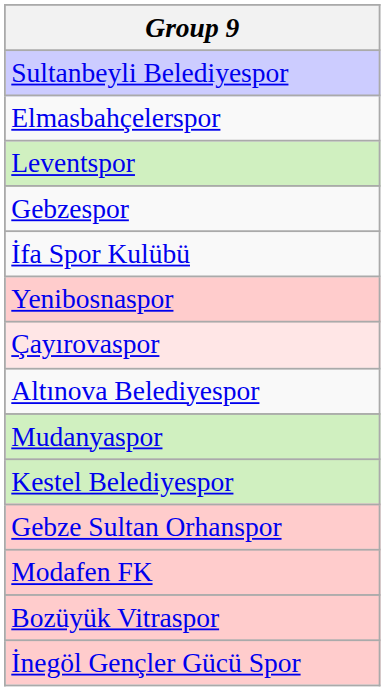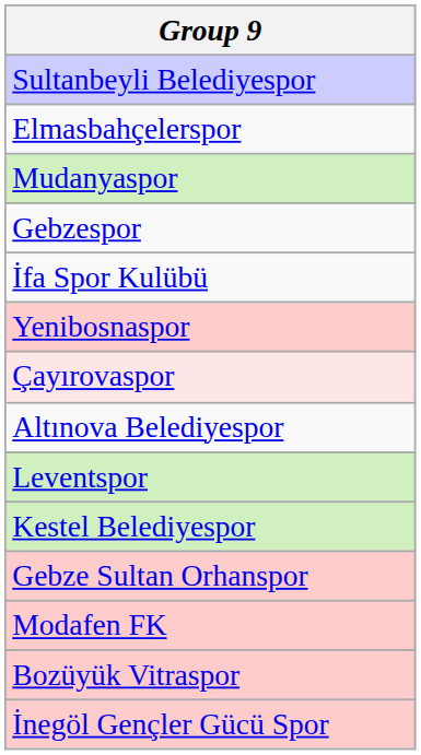 <table class="wikitable collapsible collapsed" style="font-size:95%;">
 <tr>
 <th colspan="1" width="200"><em>Group 9</em></th>
 </tr>
 <tr>
 <td style="background:#ccccff;"><a href='#'>Sultanbeyli Belediyespor</a></td>
 </tr>
 <tr>
 <td><a href='#'>Elmasbahçelerspor</a></td>
 </tr>
 <tr>
-<td style="background:#D0F0C0;"><a href='#'>Leventspor</a></td>
+<td style="background:#D0F0C0;"><a href='#'>Mudanyaspor</a></td>
 </tr>
 <tr>
 <td><a href='#'>Gebzespor</a></td>
 </tr>
 <tr>
 <td><a href='#'>İfa Spor Kulübü</a></td>
 </tr>
 <tr>
 <td style="background:#fcc;"><a href='#'>Yenibosnaspor</a></td>
 </tr>
 <tr>
 <td style="background:#FFE6E6;"><a href='#'>Çayırovaspor</a></td>
 </tr>
 <tr>
 <td><a href='#'>Altınova Belediyespor</a></td>
 </tr>
 <tr>
-<td style="background:#D0F0C0;"><a href='#'>Mudanyaspor</a></td>
+<td style="background:#D0F0C0;"><a href='#'>Leventspor</a></td>
 </tr>
 <tr>
 <td style="background:#D0F0C0;"><a href='#'>Kestel Belediyespor</a></td>
 </tr>
 <tr>
 <td style="background:#fcc;"><a href='#'>Gebze Sultan Orhanspor</a></td>
 </tr>
 <tr>
 <td style="background:#fcc;"><a href='#'>Modafen FK</a></td>
 </tr>
 <tr>
 <td style="background:#fcc;"><a href='#'>Bozüyük Vitraspor</a></td>
 </tr>
 <tr>
 <td style="background:#fcc;"><a href='#'>İnegöl Gençler Gücü Spor</a></td>
 </tr>
 </table>
